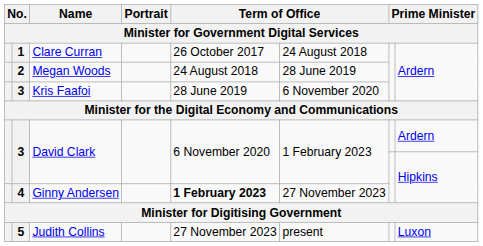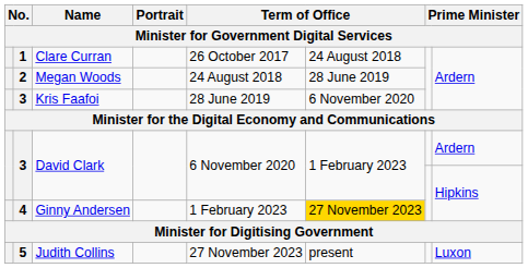 <table class="wikitable">
 <tr>
 <th colspan="2">No.</th>
 <th>Name</th>
 <th>Portrait</th>
 <th colspan="2">Term of Office</th>
 <th colspan="2">Prime Minister</th>
 </tr>
 <tr>
 <th colspan="8">Minister for Government Digital Services</th>
 </tr>
 <tr>
 <th style="border-top:solid 0 grey; background:"></th>
 <th>1</th>
 <td><a href='#'>Clare Curran</a></td>
 <td></td>
 <td>26 October 2017</td>
 <td>24 August 2018</td>
 <td rowspan="3" style="color:inherit;background:"></td>
 <td rowspan="3"><a href='#'>Ardern</a></td>
 </tr>
 <tr>
 <th style="border-top:solid 0 grey; background:"></th>
 <th>2</th>
 <td><a href='#'>Megan Woods</a></td>
 <td></td>
 <td>24 August 2018</td>
 <td>28 June 2019</td>
 </tr>
 <tr>
 <th style="border-top:solid 0 grey; background:"></th>
 <th>3</th>
 <td><a href='#'>Kris Faafoi</a></td>
 <td></td>
 <td>28 June 2019</td>
 <td>6 November 2020</td>
 </tr>
 <tr>
 <th colspan=8>Minister for the Digital Economy and Communications</th>
 </tr>
 <tr>
 <th height=35 style="border-bottom:solid 0 grey; background:"></th>
 <th rowspan=2>3</th>
 <td rowspan=2><a href='#'>David Clark</a></td>
 <td rowspan=2></td>
 <td rowspan=2>6 November 2020</td>
 <td rowspan=2>1 February 2023</td>
 <td width=1 style="color:inherit;background:"></td>
 <td><a href='#'>Ardern</a></td>
 </tr>
 <tr>
 <th height=35 style="border-top:solid 0 grey; background:"></th>
 <td rowspan=2 style="color:inherit;background:"></td>
 <td rowspan=2><a href='#'>Hipkins</a></td>
 </tr>
 <tr>
 <th style="border-top:solid 0 grey; background:"></th>
 <th>4</th>
 <td><a href='#'>Ginny Andersen</a></td>
 <td></td>
-<td><strong>1 February 2023</strong></td>
-<td>27 November 2023</td>
+<td>1 February 2023</td>
+<td style="background: gold;">27 November 2023</td>
 </tr>
 <tr>
 <th colspan=8>Minister for Digitising Government</th>
 </tr>
 <tr>
 <th style="color:inherit;background:"></th>
 <th>5</th>
 <td><a href='#'>Judith Collins</a></td>
 <td></td>
 <td>27 November 2023</td>
 <td>present</td>
 <td style="color:inherit;background:"></td>
 <td><a href='#'>Luxon</a></td>
 </tr>
 </table>
